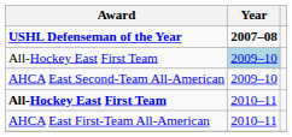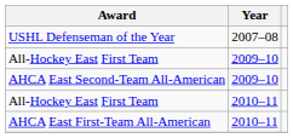 <table class="wikitable">
 <tr>
 <th>Award</th>
 <th>Year</th>
 <th></th>
 </tr>
 <tr>
-<td><strong><a href='#'>USHL Defenseman of the Year</a></strong></td>
-<td><strong>2007–08</strong></td>
+<td><a href='#'>USHL Defenseman of the Year</a></td>
+<td>2007–08</td>
 <td></td>
 </tr>
 <tr>
 <td>All-<a href='#'>Hockey East</a> <a href='#'>First Team</a></td>
-<td style="background: lightblue;"><a href='#'>2009–10</a></td>
+<td><a href='#'>2009–10</a></td>
 <td></td>
 </tr>
 <tr>
 <td><a href='#'>AHCA</a> <a href='#'>East Second-Team All-American</a></td>
 <td><a href='#'>2009–10</a></td>
 <td></td>
 </tr>
 <tr>
-<td><strong>All-<a href='#'>Hockey East</a> <a href='#'>First Team</a></strong></td>
+<td>All-<a href='#'>Hockey East</a> <a href='#'>First Team</a></td>
 <td><a href='#'>2010–11</a></td>
 <td></td>
 </tr>
 <tr>
 <td><a href='#'>AHCA</a> <a href='#'>East First-Team All-American</a></td>
 <td><a href='#'>2010–11</a></td>
 <td></td>
 </tr>
 <tr>
 </tr>
 </table>
